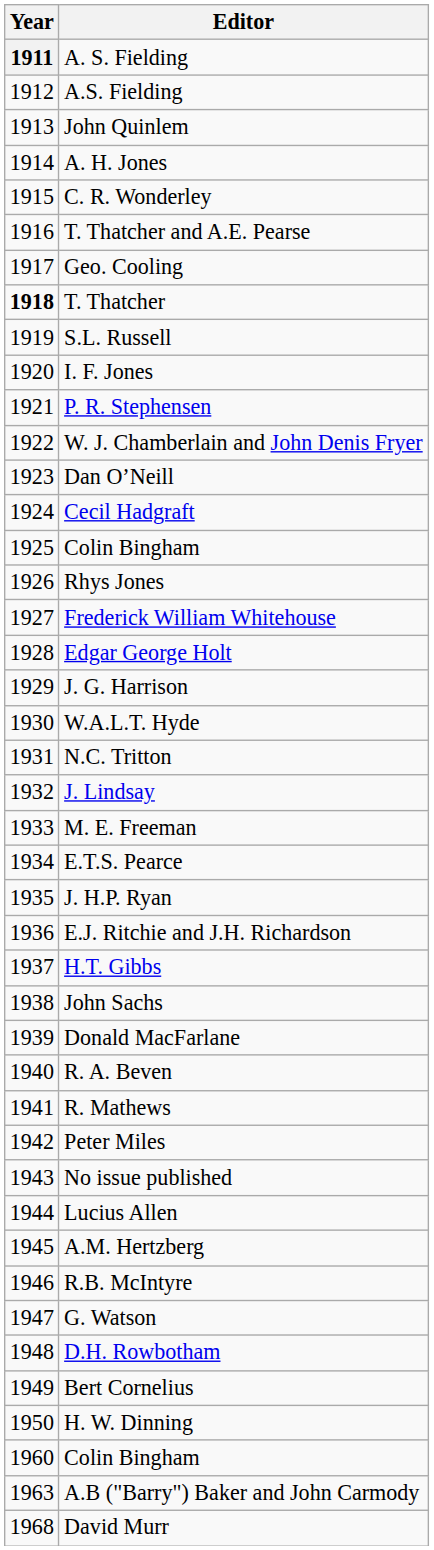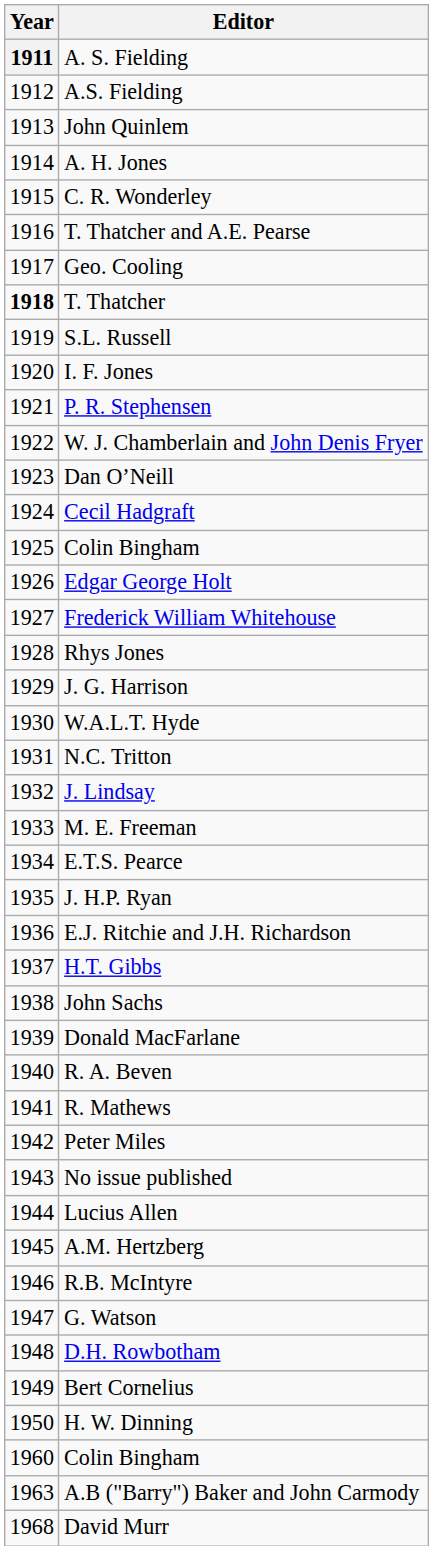 <table class="wikitable">
 <tr>
 <th>Year</th>
 <th>Editor</th>
 </tr>
 <tr>
 <th><strong>1911</strong></th>
 <td>A. S. Fielding</td>
 </tr>
 <tr>
 <td>1912</td>
 <td>A.S. Fielding</td>
 </tr>
 <tr>
 <td>1913</td>
 <td>John Quinlem</td>
 </tr>
 <tr>
 <td>1914</td>
 <td>A. H. Jones</td>
 </tr>
 <tr>
 <td>1915</td>
 <td>C. R. Wonderley</td>
 </tr>
 <tr>
 <td>1916</td>
 <td>T. Thatcher and A.E. Pearse</td>
 </tr>
 <tr>
 <td>1917</td>
 <td>Geo. Cooling</td>
 </tr>
 <tr>
 <td><strong>1918</strong></td>
 <td>T. Thatcher</td>
 </tr>
 <tr>
 <td>1919</td>
 <td>S.L. Russell</td>
 </tr>
 <tr>
 <td>1920</td>
 <td>I. F. Jones</td>
 </tr>
 <tr>
 <td>1921</td>
 <td><a href='#'>P. R. Stephensen</a></td>
 </tr>
 <tr>
 <td>1922</td>
 <td>W. J. Chamberlain and <a href='#'>John Denis Fryer</a></td>
 </tr>
 <tr>
 <td>1923</td>
 <td>Dan O’Neill</td>
 </tr>
 <tr>
 <td>1924</td>
 <td><a href='#'>Cecil Hadgraft</a></td>
 </tr>
 <tr>
 <td>1925</td>
 <td>Colin Bingham</td>
 </tr>
 <tr>
 <td>1926</td>
-<td>Rhys Jones</td>
+<td><a href='#'>Edgar George Holt</a></td>
 </tr>
 <tr>
 <td>1927</td>
 <td><a href='#'>Frederick William Whitehouse</a></td>
 </tr>
 <tr>
 <td>1928</td>
-<td><a href='#'>Edgar George Holt</a></td>
+<td>Rhys Jones</td>
 </tr>
 <tr>
 <td>1929</td>
 <td>J. G. Harrison</td>
 </tr>
 <tr>
 <td>1930</td>
 <td>W.A.L.T. Hyde</td>
 </tr>
 <tr>
 <td>1931</td>
 <td>N.C. Tritton</td>
 </tr>
 <tr>
 <td>1932</td>
 <td><a href='#'>J. Lindsay</a></td>
 </tr>
 <tr>
 <td>1933</td>
 <td>M. E. Freeman</td>
 </tr>
 <tr>
 <td>1934</td>
 <td>E.T.S. Pearce</td>
 </tr>
 <tr>
 <td>1935</td>
 <td>J. H.P. Ryan</td>
 </tr>
 <tr>
 <td>1936</td>
 <td>E.J. Ritchie and J.H. Richardson</td>
 </tr>
 <tr>
 <td>1937</td>
 <td><a href='#'>H.T. Gibbs</a></td>
 </tr>
 <tr>
 <td>1938</td>
 <td>John Sachs</td>
 </tr>
 <tr>
 <td>1939</td>
 <td>Donald MacFarlane</td>
 </tr>
 <tr>
 <td>1940</td>
 <td>R. A. Beven</td>
 </tr>
 <tr>
 <td>1941</td>
 <td>R. Mathews</td>
 </tr>
 <tr>
 <td>1942</td>
 <td>Peter Miles</td>
 </tr>
 <tr>
 <td>1943</td>
 <td>No issue published</td>
 </tr>
 <tr>
 <td>1944</td>
 <td>Lucius Allen</td>
 </tr>
 <tr>
 <td>1945</td>
 <td>A.M. Hertzberg</td>
 </tr>
 <tr>
 <td>1946</td>
 <td>R.B. McIntyre</td>
 </tr>
 <tr>
 <td>1947</td>
 <td>G. Watson</td>
 </tr>
 <tr>
 <td>1948</td>
 <td><a href='#'>D.H. Rowbotham</a></td>
 </tr>
 <tr>
 <td>1949</td>
 <td>Bert Cornelius</td>
 </tr>
 <tr>
 <td>1950</td>
 <td>H. W. Dinning</td>
 </tr>
 <tr>
 <td>1960</td>
 <td>Colin Bingham</td>
 </tr>
 <tr>
 <td>1963</td>
 <td>A.B ("Barry") Baker and John Carmody</td>
 </tr>
 <tr>
 <td>1968</td>
 <td>David Murr</td>
 </tr>
 </table>
